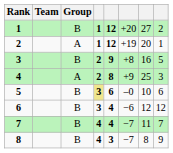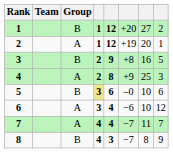 <table class="wikitable sortable" style="text-align:center;">
 <tr>
 <th>Rank</th>
 <th>Team</th>
 <th>Group</th>
 <th></th>
 <th></th>
 <th></th>
 <th></th>
 <th></th>
 </tr>
 <tr style="background-color:#BBF3BB;">
 <td><strong>1</strong></td>
 <td align=left></td>
 <td>B</td>
 <td><strong>1</strong></td>
 <td><strong>12</strong></td>
 <td>+20</td>
 <td>27</td>
 <td>2</td>
 </tr>
 <tr>
 <td><strong>2</strong></td>
 <td align=left></td>
 <td>A</td>
 <td><strong>1</strong></td>
 <td><strong>12</strong></td>
 <td>+19</td>
 <td>20</td>
 <td>1</td>
 </tr>
 <tr style="background-color:#BBF3BB;">
 <td><strong>3</strong></td>
 <td align=left></td>
 <td>B</td>
 <td><strong>2</strong></td>
 <td><strong>9</strong></td>
 <td>+8</td>
 <td>16</td>
 <td>5</td>
 </tr>
 <tr style="background-color:#BBF3BB;">
 <td><strong>4</strong></td>
 <td align=left></td>
 <td>A</td>
 <td><strong>2</strong></td>
 <td><strong>8</strong></td>
 <td>+9</td>
 <td>25</td>
 <td>3</td>
 </tr>
 <tr>
 <td><strong>5</strong></td>
 <td align=left></td>
 <td>B</td>
 <td style="background: khaki;"><strong>3</strong></td>
 <td><strong>6</strong></td>
 <td>–0</td>
 <td>10</td>
 <td>6</td>
 </tr>
 <tr>
 <td><strong>6</strong></td>
 <td align=left></td>
-<td>B</td>
+<td>A</td>
 <td><strong>3</strong></td>
 <td><strong>4</strong></td>
 <td>−6</td>
-<td>12</td>
+<td>10</td>
 <td>12</td>
 </tr>
 <tr style="background-color:#BBF3BB;">
 <td><strong>7</strong></td>
 <td align=left></td>
-<td>B</td>
+<td>A</td>
 <td><strong>4</strong></td>
 <td><strong>4</strong></td>
 <td>−7</td>
 <td>11</td>
 <td>7</td>
 </tr>
 <tr>
 <td><strong>8</strong></td>
 <td align=left></td>
 <td>B</td>
 <td><strong>4</strong></td>
 <td><strong>3</strong></td>
 <td>−7</td>
 <td>8</td>
 <td>9</td>
 </tr>
 </table>
